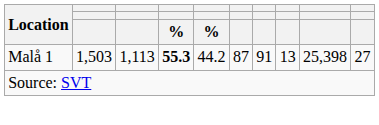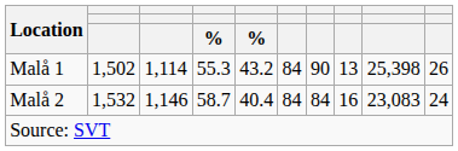 <table role="presentation" class="wikitable sortable mw-collapsible">
 <tr>
 <th rowspan="3">Location</th>
 <th></th>
 <th></th>
 <th></th>
 <th></th>
 <th></th>
 <th></th>
 <th></th>
 <th></th>
 <th></th>
 </tr>
 <tr>
 <th></th>
 <th></th>
 <th style="background:"></th>
 <th style="background:"></th>
 <th></th>
 <th></th>
 <th></th>
 <th></th>
 <th></th>
 </tr>
 <tr>
 <th data-sort-type="number"></th>
 <th data-sort-type="number"></th>
 <th data-sort-type="number">%</th>
 <th data-sort-type="number">%</th>
 <th data-sort-type="number"></th>
 <th data-sort-type="number"></th>
 <th data-sort-type="number"></th>
 <th data-sort-type="number"></th>
 <th data-sort-type="number"></th>
 </tr>
 <tr>
 <td align="left">Malå 1</td>
-<td>1,503</td>
-<td>1,113</td>
-<td><strong>55.3</strong></td>
-<td>44.2</td>
-<td>87</td>
-<td>91</td>
+<td>1,502</td>
+<td>1,114</td>
+<td>55.3</td>
+<td>43.2</td>
+<td>84</td>
+<td>90</td>
 <td>13</td>
 <td>25,398</td>
-<td>27</td>
+<td>26</td>
+</tr>
+<tr>
+<td align="left">Malå 2</td>
+<td>1,532</td>
+<td>1,146</td>
+<td>58.7</td>
+<td>40.4</td>
+<td>84</td>
+<td>84</td>
+<td>16</td>
+<td>23,083</td>
+<td>24</td>
 </tr>
 <tr>
 <td colspan="10" align="left">Source: <a href='#'>SVT</a></td>
 </tr>
 </table>
